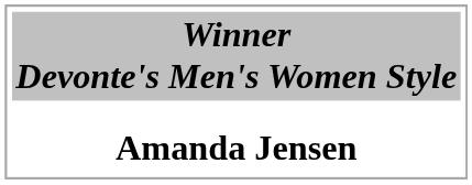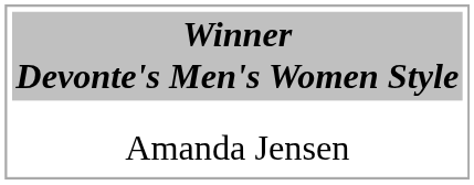 <table style="border-spacing: 2px; border: 1px solid darkgray; font-size: 90%; float:right;">
 <tr>
 <td width=180px align=center colspan=5 bgcolor=#C0C0C0><strong><em>Winner<br>Devonte's Men's Women Style</em></strong></td>
 </tr>
 <tr>
 <td align=center></td>
 </tr>
 <tr>
 <td align=center><strong></strong></td>
 </tr>
 <tr>
-<td align=center><strong>Amanda Jensen</strong></td>
+<td align=center>Amanda Jensen</td>
 </tr>
 </table>
